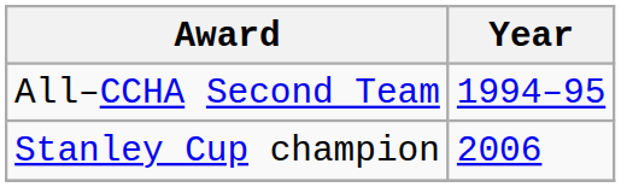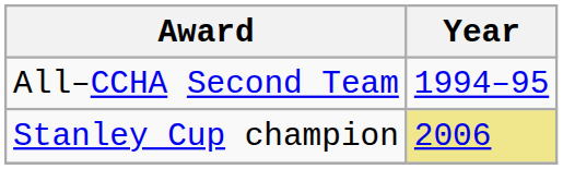 <table class="wikitable">
 <tr>
 <th>Award</th>
 <th>Year</th>
 </tr>
 <tr>
 <td>All–<a href='#'>CCHA</a> <a href='#'>Second Team</a></td>
 <td><a href='#'>1994–95</a></td>
 </tr>
 <tr>
 <td><a href='#'>Stanley Cup</a> champion</td>
-<td><a href='#'>2006</a></td>
+<td style="background: khaki;"><a href='#'>2006</a></td>
 </tr>
 <tr>
 </tr>
 </table>
